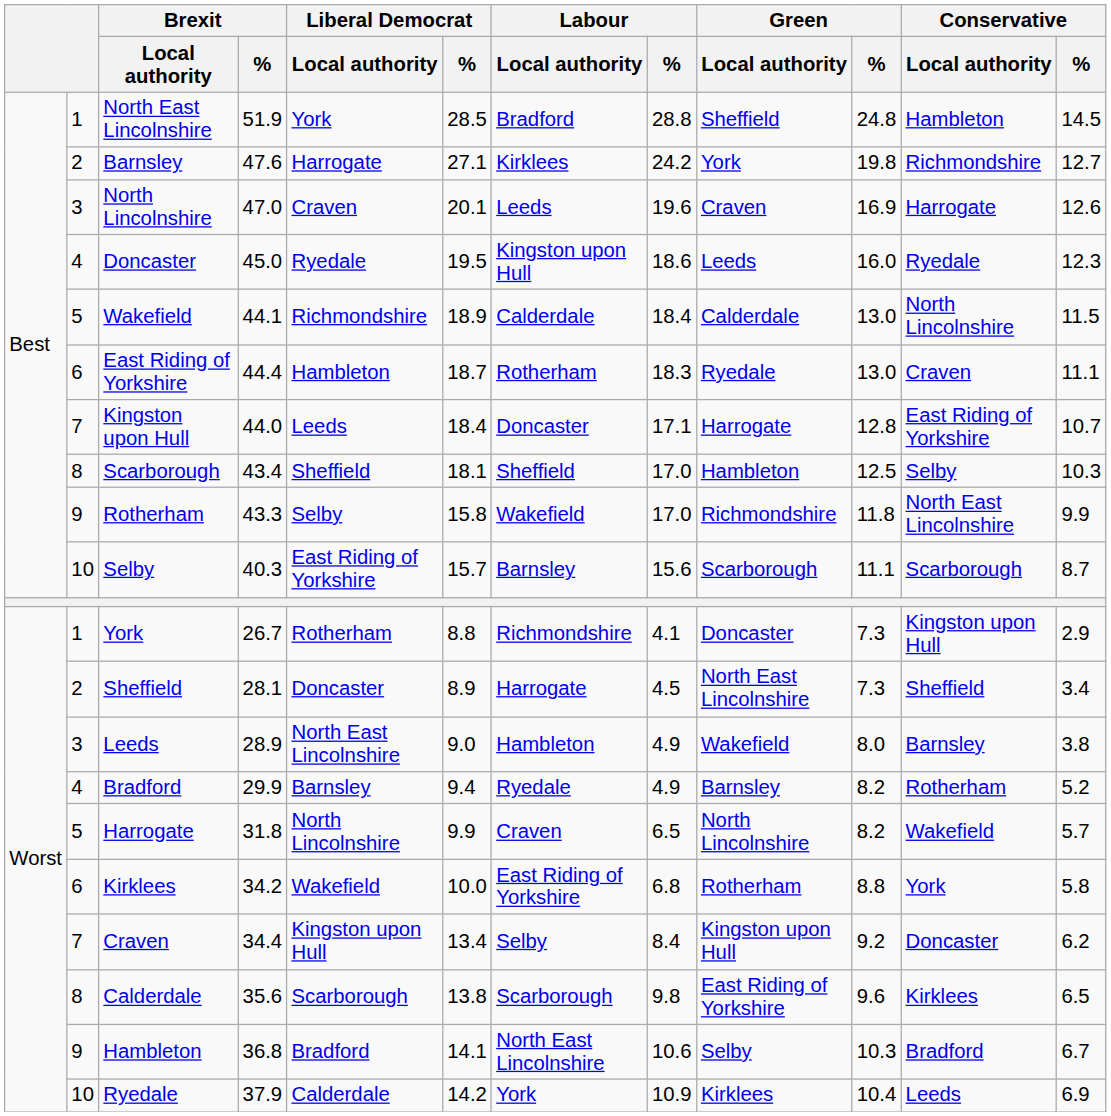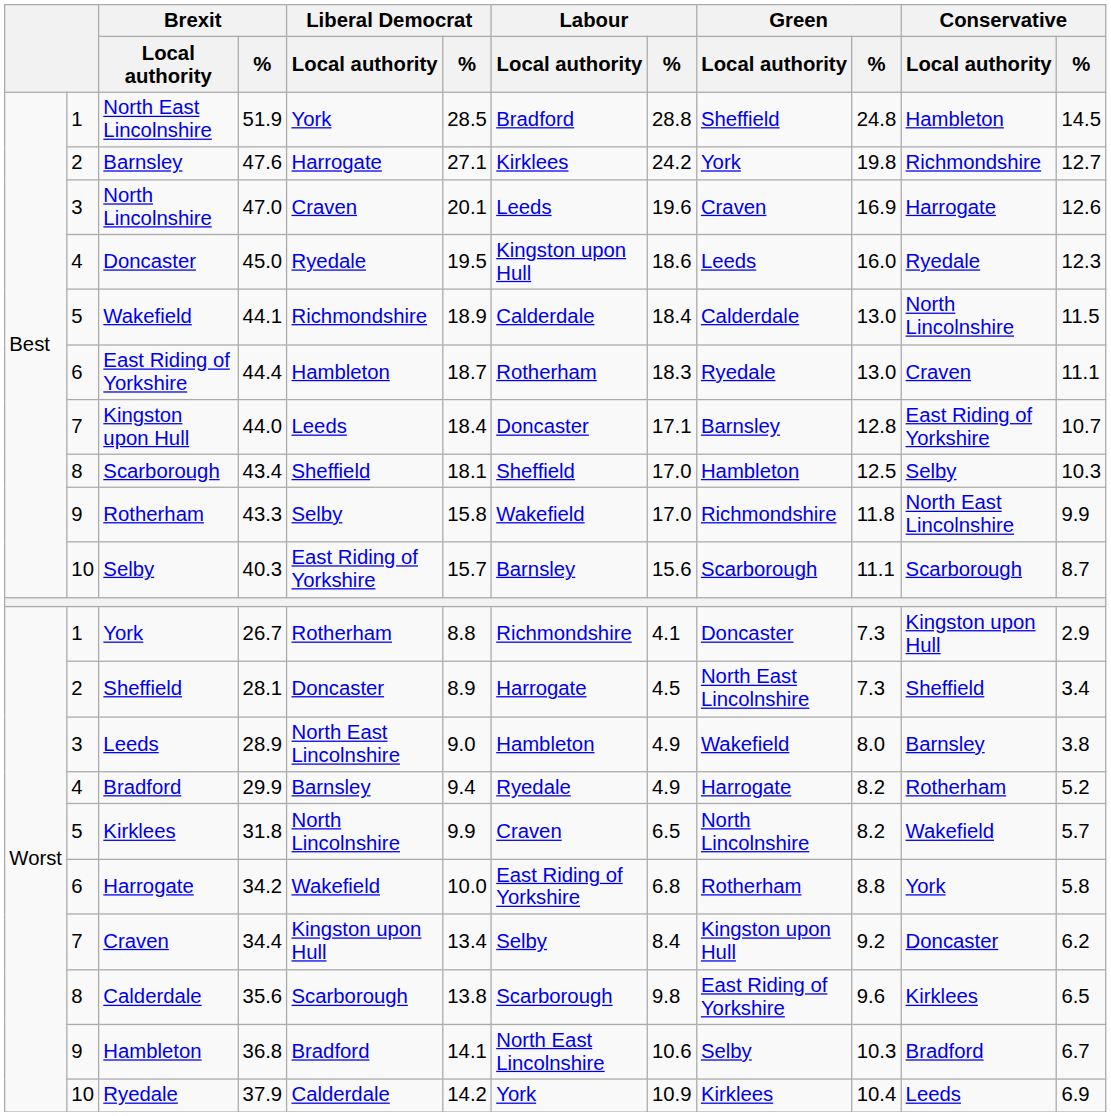 <table class="wikitable">
 <tr>
 <th colspan="2" rowspan="2"></th>
 <th colspan="2">Brexit</th>
 <th colspan="2">Liberal Democrat</th>
 <th colspan="2">Labour</th>
 <th colspan="2">Green</th>
 <th colspan="2">Conservative</th>
 </tr>
 <tr>
 <th style="text-align:center;">Local authority</th>
 <th style="text-align:center;">%</th>
 <th>Local authority</th>
 <th>%</th>
 <th>Local authority</th>
 <th>%</th>
 <th>Local authority</th>
 <th>%</th>
 <th>Local authority</th>
 <th>%</th>
 </tr>
 <tr>
 <td rowspan="10">Best</td>
 <td>1</td>
 <td><a href='#'>North East Lincolnshire</a></td>
 <td>51.9</td>
 <td><a href='#'>York</a></td>
 <td>28.5</td>
 <td><a href='#'>Bradford</a></td>
 <td>28.8</td>
 <td><a href='#'>Sheffield</a></td>
 <td>24.8</td>
 <td><a href='#'>Hambleton</a></td>
 <td>14.5</td>
 </tr>
 <tr>
 <td>2</td>
 <td><a href='#'>Barnsley</a></td>
 <td>47.6</td>
 <td><a href='#'>Harrogate</a></td>
 <td>27.1</td>
 <td><a href='#'>Kirklees</a></td>
 <td>24.2</td>
 <td><a href='#'>York</a></td>
 <td>19.8</td>
 <td><a href='#'>Richmondshire</a></td>
 <td>12.7</td>
 </tr>
 <tr>
 <td>3</td>
 <td><a href='#'>North Lincolnshire</a></td>
 <td>47.0</td>
 <td><a href='#'>Craven</a></td>
 <td>20.1</td>
 <td><a href='#'>Leeds</a></td>
 <td>19.6</td>
 <td><a href='#'>Craven</a></td>
 <td>16.9</td>
 <td><a href='#'>Harrogate</a></td>
 <td>12.6</td>
 </tr>
 <tr>
 <td>4</td>
 <td><a href='#'>Doncaster</a></td>
 <td>45.0</td>
 <td><a href='#'>Ryedale</a></td>
 <td>19.5</td>
 <td><a href='#'>Kingston upon Hull</a></td>
 <td>18.6</td>
 <td><a href='#'>Leeds</a></td>
 <td>16.0</td>
 <td><a href='#'>Ryedale</a></td>
 <td>12.3</td>
 </tr>
 <tr>
 <td>5</td>
 <td><a href='#'>Wakefield</a></td>
 <td>44.1</td>
 <td><a href='#'>Richmondshire</a></td>
 <td>18.9</td>
 <td><a href='#'>Calderdale</a></td>
 <td>18.4</td>
 <td><a href='#'>Calderdale</a></td>
 <td>13.0</td>
 <td><a href='#'>North Lincolnshire</a></td>
 <td>11.5</td>
 </tr>
 <tr>
 <td>6</td>
 <td><a href='#'>East Riding of Yorkshire</a></td>
 <td>44.4</td>
 <td><a href='#'>Hambleton</a></td>
 <td>18.7</td>
 <td><a href='#'>Rotherham</a></td>
 <td>18.3</td>
 <td><a href='#'>Ryedale</a></td>
 <td>13.0</td>
 <td><a href='#'>Craven</a></td>
 <td>11.1</td>
 </tr>
 <tr>
 <td>7</td>
 <td><a href='#'>Kingston upon Hull</a></td>
 <td>44.0</td>
 <td><a href='#'>Leeds</a></td>
 <td>18.4</td>
 <td><a href='#'>Doncaster</a></td>
 <td>17.1</td>
-<td><a href='#'>Harrogate</a></td>
+<td><a href='#'>Barnsley</a></td>
 <td>12.8</td>
 <td><a href='#'>East Riding of Yorkshire</a></td>
 <td>10.7</td>
 </tr>
 <tr>
 <td>8</td>
 <td><a href='#'>Scarborough</a></td>
 <td>43.4</td>
 <td><a href='#'>Sheffield</a></td>
 <td>18.1</td>
 <td><a href='#'>Sheffield</a></td>
 <td>17.0</td>
 <td><a href='#'>Hambleton</a></td>
 <td>12.5</td>
 <td><a href='#'>Selby</a></td>
 <td>10.3</td>
 </tr>
 <tr>
 <td>9</td>
 <td><a href='#'>Rotherham</a></td>
 <td>43.3</td>
 <td><a href='#'>Selby</a></td>
 <td>15.8</td>
 <td><a href='#'>Wakefield</a></td>
 <td>17.0</td>
 <td><a href='#'>Richmondshire</a></td>
 <td>11.8</td>
 <td><a href='#'>North East Lincolnshire</a></td>
 <td>9.9</td>
 </tr>
 <tr>
 <td>10</td>
 <td><a href='#'>Selby</a></td>
 <td>40.3</td>
 <td><a href='#'>East Riding of Yorkshire</a></td>
 <td>15.7</td>
 <td><a href='#'>Barnsley</a></td>
 <td>15.6</td>
 <td><a href='#'>Scarborough</a></td>
 <td>11.1</td>
 <td><a href='#'>Scarborough</a></td>
 <td>8.7</td>
 </tr>
 <tr>
 <th colspan="14"></th>
 </tr>
 <tr>
 <td rowspan="10">Worst</td>
 <td>1</td>
 <td><a href='#'>York</a></td>
 <td>26.7</td>
 <td><a href='#'>Rotherham</a></td>
 <td>8.8</td>
 <td><a href='#'>Richmondshire</a></td>
 <td>4.1</td>
 <td><a href='#'>Doncaster</a></td>
 <td>7.3</td>
 <td><a href='#'>Kingston upon Hull</a></td>
 <td>2.9</td>
 </tr>
 <tr>
 <td>2</td>
 <td><a href='#'>Sheffield</a></td>
 <td>28.1</td>
 <td><a href='#'>Doncaster</a></td>
 <td>8.9</td>
 <td><a href='#'>Harrogate</a></td>
 <td>4.5</td>
 <td><a href='#'>North East Lincolnshire</a></td>
 <td>7.3</td>
 <td><a href='#'>Sheffield</a></td>
 <td>3.4</td>
 </tr>
 <tr>
 <td>3</td>
 <td><a href='#'>Leeds</a></td>
 <td>28.9</td>
 <td><a href='#'>North East Lincolnshire</a></td>
 <td>9.0</td>
 <td><a href='#'>Hambleton</a></td>
 <td>4.9</td>
 <td><a href='#'>Wakefield</a></td>
 <td>8.0</td>
 <td><a href='#'>Barnsley</a></td>
 <td>3.8</td>
 </tr>
 <tr>
 <td>4</td>
 <td><a href='#'>Bradford</a></td>
 <td>29.9</td>
 <td><a href='#'>Barnsley</a></td>
 <td>9.4</td>
 <td><a href='#'>Ryedale</a></td>
 <td>4.9</td>
-<td><a href='#'>Barnsley</a></td>
+<td><a href='#'>Harrogate</a></td>
 <td>8.2</td>
 <td><a href='#'>Rotherham</a></td>
 <td>5.2</td>
 </tr>
 <tr>
 <td>5</td>
-<td><a href='#'>Harrogate</a></td>
+<td><a href='#'>Kirklees</a></td>
 <td>31.8</td>
 <td><a href='#'>North Lincolnshire</a></td>
 <td>9.9</td>
 <td><a href='#'>Craven</a></td>
 <td>6.5</td>
 <td><a href='#'>North Lincolnshire</a></td>
 <td>8.2</td>
 <td><a href='#'>Wakefield</a></td>
 <td>5.7</td>
 </tr>
 <tr>
 <td>6</td>
-<td><a href='#'>Kirklees</a></td>
+<td><a href='#'>Harrogate</a></td>
 <td>34.2</td>
 <td><a href='#'>Wakefield</a></td>
 <td>10.0</td>
 <td><a href='#'>East Riding of Yorkshire</a></td>
 <td>6.8</td>
 <td><a href='#'>Rotherham</a></td>
 <td>8.8</td>
 <td><a href='#'>York</a></td>
 <td>5.8</td>
 </tr>
 <tr>
 <td>7</td>
 <td><a href='#'>Craven</a></td>
 <td>34.4</td>
 <td><a href='#'>Kingston upon Hull</a></td>
 <td>13.4</td>
 <td><a href='#'>Selby</a></td>
 <td>8.4</td>
 <td><a href='#'>Kingston upon Hull</a></td>
 <td>9.2</td>
 <td><a href='#'>Doncaster</a></td>
 <td>6.2</td>
 </tr>
 <tr>
 <td>8</td>
 <td><a href='#'>Calderdale</a></td>
 <td>35.6</td>
 <td><a href='#'>Scarborough</a></td>
 <td>13.8</td>
 <td><a href='#'>Scarborough</a></td>
 <td>9.8</td>
 <td><a href='#'>East Riding of Yorkshire</a></td>
 <td>9.6</td>
 <td><a href='#'>Kirklees</a></td>
 <td>6.5</td>
 </tr>
 <tr>
 <td>9</td>
 <td><a href='#'>Hambleton</a></td>
 <td>36.8</td>
 <td><a href='#'>Bradford</a></td>
 <td>14.1</td>
 <td><a href='#'>North East Lincolnshire</a></td>
 <td>10.6</td>
 <td><a href='#'>Selby</a></td>
 <td>10.3</td>
 <td><a href='#'>Bradford</a></td>
 <td>6.7</td>
 </tr>
 <tr>
 <td>10</td>
 <td><a href='#'>Ryedale</a></td>
 <td>37.9</td>
 <td><a href='#'>Calderdale</a></td>
 <td>14.2</td>
 <td><a href='#'>York</a></td>
 <td>10.9</td>
 <td><a href='#'>Kirklees</a></td>
 <td>10.4</td>
 <td><a href='#'>Leeds</a></td>
 <td>6.9</td>
 </tr>
 </table>
